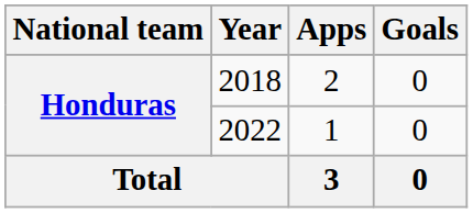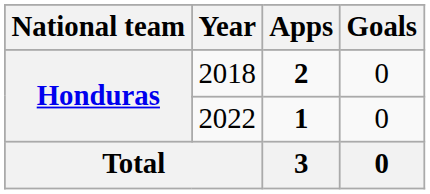 <table class="wikitable" style="text-align:center">
 <tr>
 <th>National team</th>
 <th>Year</th>
 <th>Apps</th>
 <th>Goals</th>
 </tr>
 <tr>
 <th rowspan=2><a href='#'>Honduras</a></th>
 <td>2018</td>
-<td>2</td>
+<td><strong>2</strong></td>
 <td>0</td>
 </tr>
 <tr>
 <td>2022</td>
-<td>1</td>
+<td><strong>1</strong></td>
 <td>0</td>
 </tr>
 <tr>
 <th colspan=2>Total</th>
 <th>3</th>
 <th>0</th>
 </tr>
 </table>
